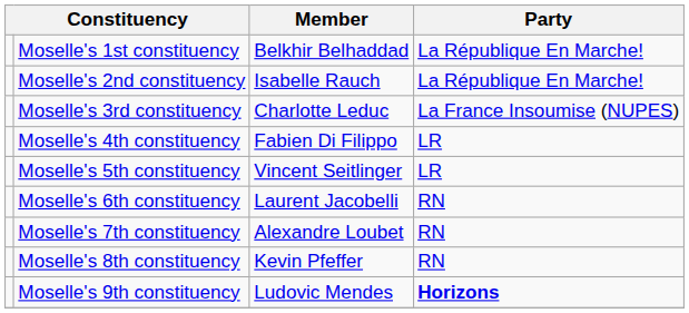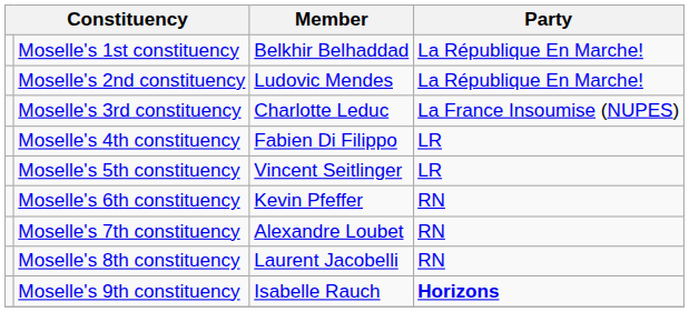 <table class="wikitable">
 <tr>
 <th colspan="2">Constituency</th>
 <th>Member</th>
 <th>Party</th>
 </tr>
 <tr>
 <td style="background-color: "></td>
 <td><a href='#'>Moselle's 1st constituency</a></td>
 <td><a href='#'>Belkhir Belhaddad</a></td>
 <td><a href='#'>La République En Marche!</a></td>
 </tr>
 <tr>
 <td style="background-color: "></td>
 <td><a href='#'>Moselle's 2nd constituency</a></td>
-<td><a href='#'>Isabelle Rauch</a></td>
+<td><a href='#'>Ludovic Mendes</a></td>
 <td><a href='#'>La République En Marche!</a></td>
 </tr>
 <tr>
 <td style="background-color: "></td>
 <td><a href='#'>Moselle's 3rd constituency</a></td>
 <td><a href='#'>Charlotte Leduc</a></td>
 <td><a href='#'>La France Insoumise</a> (<a href='#'>NUPES</a>)</td>
 </tr>
 <tr>
 <td style="background-color: "></td>
 <td><a href='#'>Moselle's 4th constituency</a></td>
 <td><a href='#'>Fabien Di Filippo</a></td>
 <td><a href='#'>LR</a></td>
 </tr>
 <tr>
 <td style="background-color: "></td>
 <td><a href='#'>Moselle's 5th constituency</a></td>
 <td><a href='#'>Vincent Seitlinger</a></td>
 <td><a href='#'>LR</a></td>
 </tr>
 <tr>
 <td style="background-color: "></td>
 <td><a href='#'>Moselle's 6th constituency</a></td>
-<td><a href='#'>Laurent Jacobelli</a></td>
+<td><a href='#'>Kevin Pfeffer</a></td>
 <td><a href='#'>RN</a></td>
 </tr>
 <tr>
 <td style="background-color: "></td>
 <td><a href='#'>Moselle's 7th constituency</a></td>
 <td><a href='#'>Alexandre Loubet</a></td>
 <td><a href='#'>RN</a></td>
 </tr>
 <tr>
 <td style="background-color: "></td>
 <td><a href='#'>Moselle's 8th constituency</a></td>
-<td><a href='#'>Kevin Pfeffer</a></td>
+<td><a href='#'>Laurent Jacobelli</a></td>
 <td><a href='#'>RN</a></td>
 </tr>
 <tr>
 <td style="background-color: "></td>
 <td><a href='#'>Moselle's 9th constituency</a></td>
-<td><a href='#'>Ludovic Mendes</a></td>
+<td><a href='#'>Isabelle Rauch</a></td>
 <td><strong><a href='#'>Horizons</a></strong></td>
 </tr>
 <tr>
 </tr>
 </table>
